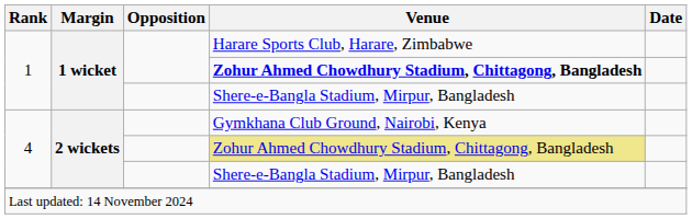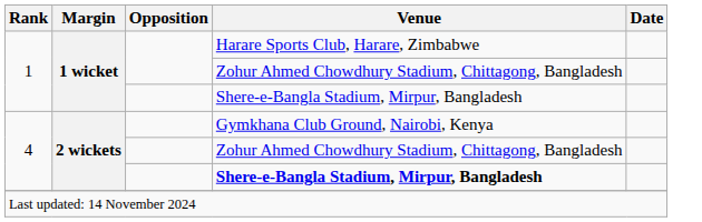 <table class="wikitable plainrowheaders sortable">
 <tr>
 <th scope=col>Rank</th>
 <th scope=col>Margin</th>
 <th scope=col>Opposition</th>
 <th scope=col>Venue</th>
 <th scope=col>Date</th>
 </tr>
 <tr>
 <td align=center rowspan=3>1</td>
 <th scope=row style=text-align:center; rowspan=3>1 wicket</th>
 <td rowspan=2></td>
 <td><a href='#'>Harare Sports Club</a>, <a href='#'>Harare</a>, Zimbabwe</td>
 <td></td>
 </tr>
 <tr>
-<td><strong><a href='#'>Zohur Ahmed Chowdhury Stadium</a>, <a href='#'>Chittagong</a>, Bangladesh</strong></td>
+<td><a href='#'>Zohur Ahmed Chowdhury Stadium</a>, <a href='#'>Chittagong</a>, Bangladesh</td>
 <td></td>
 </tr>
 <tr>
 <td></td>
 <td><a href='#'>Shere-e-Bangla Stadium</a>, <a href='#'>Mirpur</a>, Bangladesh</td>
 <td></td>
 </tr>
 <tr>
 <td align=center rowspan=3>4</td>
 <th scope=row style=text-align:center; rowspan=3>2 wickets</th>
 <td></td>
 <td><a href='#'>Gymkhana Club Ground</a>, <a href='#'>Nairobi</a>, Kenya</td>
 <td></td>
 </tr>
 <tr>
 <td></td>
-<td style="background: khaki;"><a href='#'>Zohur Ahmed Chowdhury Stadium</a>, <a href='#'>Chittagong</a>, Bangladesh</td>
+<td><a href='#'>Zohur Ahmed Chowdhury Stadium</a>, <a href='#'>Chittagong</a>, Bangladesh</td>
 <td> </td>
 </tr>
 <tr>
 <td></td>
-<td><a href='#'>Shere-e-Bangla Stadium</a>, <a href='#'>Mirpur</a>, Bangladesh</td>
+<td><strong><a href='#'>Shere-e-Bangla Stadium</a>, <a href='#'>Mirpur</a>, Bangladesh</strong></td>
 <td></td>
 </tr>
 <tr>
 </tr>
 <tr class=sortbottom>
 <td colspan=6><small>Last updated: 14 November 2024</small></td>
 </tr>
 </table>
